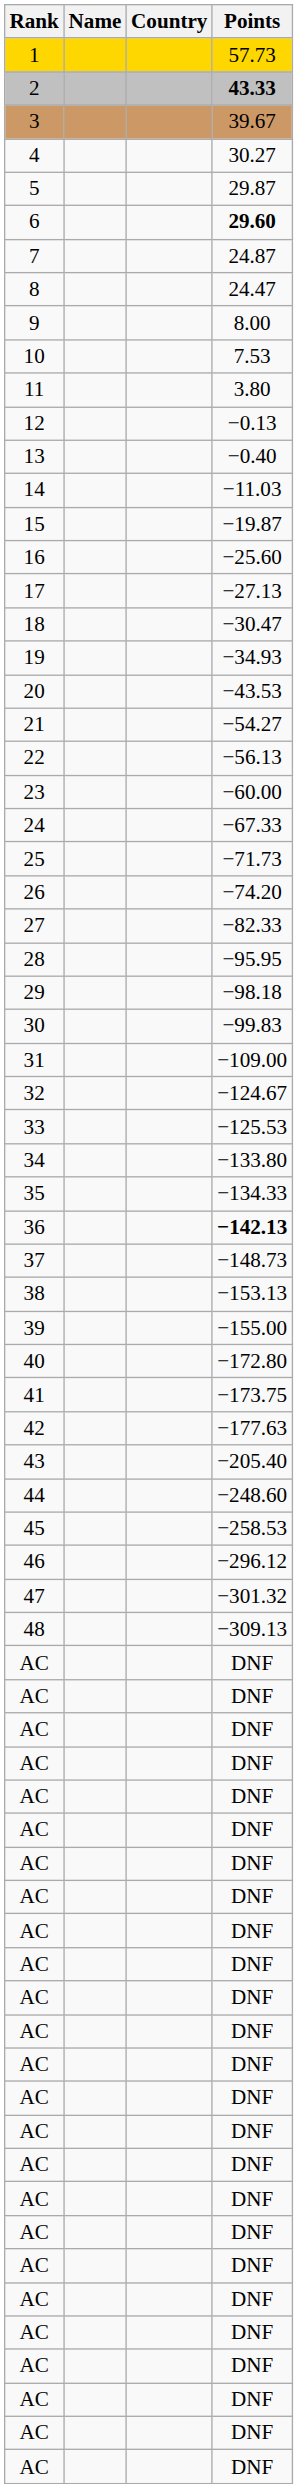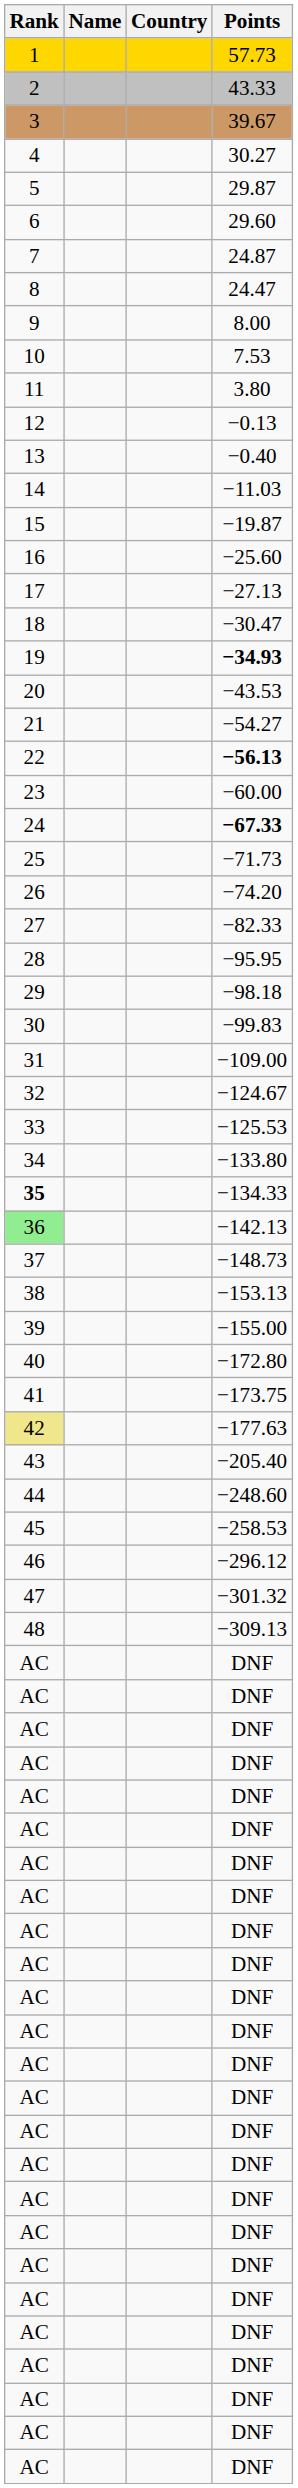 <table class="wikitable sortable" style="text-align:center">
 <tr>
 <th>Rank</th>
 <th>Name</th>
 <th>Country</th>
 <th>Points</th>
 </tr>
 <tr bgcolor=gold>
 <td>1</td>
 <td align="left"></td>
 <td align="left"></td>
 <td>57.73</td>
 </tr>
 <tr bgcolor=silver>
 <td>2</td>
 <td align="left"></td>
 <td align="left"></td>
-<td><strong>43.33</strong></td>
+<td>43.33</td>
 </tr>
 <tr bgcolor=#CC9966>
 <td>3</td>
 <td align="left"></td>
 <td align="left"></td>
 <td>39.67</td>
 </tr>
 <tr>
 <td>4</td>
 <td align="left"></td>
 <td align="left"></td>
 <td>30.27</td>
 </tr>
 <tr>
 <td>5</td>
 <td align="left"></td>
 <td align="left"></td>
 <td>29.87</td>
 </tr>
 <tr>
 <td>6</td>
 <td align="left"></td>
 <td align="left"></td>
-<td><strong>29.60</strong></td>
+<td>29.60</td>
 </tr>
 <tr>
 <td>7</td>
 <td align="left"></td>
 <td align="left"></td>
 <td>24.87</td>
 </tr>
 <tr>
 <td>8</td>
 <td align="left"></td>
 <td align="left"></td>
 <td>24.47</td>
 </tr>
 <tr>
 <td>9</td>
 <td align="left"></td>
 <td align="left"></td>
 <td>8.00</td>
 </tr>
 <tr>
 <td>10</td>
 <td align="left"></td>
 <td align="left"></td>
 <td>7.53</td>
 </tr>
 <tr>
 <td>11</td>
 <td align="left"></td>
 <td align="left"></td>
 <td>3.80</td>
 </tr>
 <tr>
 <td>12</td>
 <td align="left"></td>
 <td align="left"></td>
 <td>−0.13</td>
 </tr>
 <tr>
 <td>13</td>
 <td align="left"></td>
 <td align="left"></td>
 <td>−0.40</td>
 </tr>
 <tr>
 <td>14</td>
 <td align="left"></td>
 <td align="left"></td>
 <td>−11.03</td>
 </tr>
 <tr>
 <td>15</td>
 <td align="left"></td>
 <td align="left"></td>
 <td>−19.87</td>
 </tr>
 <tr>
 <td>16</td>
 <td align="left"></td>
 <td align="left"></td>
 <td>−25.60</td>
 </tr>
 <tr>
 <td>17</td>
 <td align="left"></td>
 <td align="left"></td>
 <td>−27.13</td>
 </tr>
 <tr>
 <td>18</td>
 <td align="left"></td>
 <td align="left"></td>
 <td>−30.47</td>
 </tr>
 <tr>
 <td>19</td>
 <td align="left"></td>
 <td align="left"></td>
-<td>−34.93</td>
+<td><strong>−34.93</strong></td>
 </tr>
 <tr>
 <td>20</td>
 <td align="left"></td>
 <td align="left"></td>
 <td>−43.53</td>
 </tr>
 <tr>
 <td>21</td>
 <td align="left"></td>
 <td align="left"></td>
 <td>−54.27</td>
 </tr>
 <tr>
 <td>22</td>
 <td align="left"></td>
 <td align="left"></td>
-<td>−56.13</td>
+<td><strong>−56.13</strong></td>
 </tr>
 <tr>
 <td>23</td>
 <td align="left"></td>
 <td align="left"></td>
 <td>−60.00</td>
 </tr>
 <tr>
 <td>24</td>
 <td align="left"></td>
 <td align="left"></td>
-<td>−67.33</td>
+<td><strong>−67.33</strong></td>
 </tr>
 <tr>
 <td>25</td>
 <td align="left"></td>
 <td align="left"></td>
 <td>−71.73</td>
 </tr>
 <tr>
 <td>26</td>
 <td align="left"></td>
 <td align="left"></td>
 <td>−74.20</td>
 </tr>
 <tr>
 <td>27</td>
 <td align="left"></td>
 <td align="left"></td>
 <td>−82.33</td>
 </tr>
 <tr>
 <td>28</td>
 <td align="left"></td>
 <td align="left"></td>
 <td>−95.95</td>
 </tr>
 <tr>
 <td>29</td>
 <td align="left"></td>
 <td align="left"></td>
 <td>−98.18</td>
 </tr>
 <tr>
 <td>30</td>
 <td align="left"></td>
 <td align="left"></td>
 <td>−99.83</td>
 </tr>
 <tr>
 <td>31</td>
 <td align="left"></td>
 <td align="left"></td>
 <td>−109.00</td>
 </tr>
 <tr>
 <td>32</td>
 <td align="left"></td>
 <td align="left"></td>
 <td>−124.67</td>
 </tr>
 <tr>
 <td>33</td>
 <td align="left"></td>
 <td align="left"></td>
 <td>−125.53</td>
 </tr>
 <tr>
 <td>34</td>
 <td align="left"></td>
 <td align="left"></td>
 <td>−133.80</td>
 </tr>
 <tr>
-<td>35</td>
+<td><strong>35</strong></td>
 <td align="left"></td>
 <td align="left"></td>
 <td>−134.33</td>
 </tr>
 <tr>
-<td>36</td>
+<td style="background: lightgreen;">36</td>
 <td align="left"></td>
 <td align="left"></td>
-<td><strong>−142.13</strong></td>
+<td>−142.13</td>
 </tr>
 <tr>
 <td>37</td>
 <td align="left"></td>
 <td align="left"></td>
 <td>−148.73</td>
 </tr>
 <tr>
 <td>38</td>
 <td align="left"></td>
 <td align="left"></td>
 <td>−153.13</td>
 </tr>
 <tr>
 <td>39</td>
 <td align="left"></td>
 <td align="left"></td>
 <td>−155.00</td>
 </tr>
 <tr>
 <td>40</td>
 <td align="left"></td>
 <td align="left"></td>
 <td>−172.80</td>
 </tr>
 <tr>
 <td>41</td>
 <td align="left"></td>
 <td align="left"></td>
 <td>−173.75</td>
 </tr>
 <tr>
-<td>42</td>
+<td style="background: khaki;">42</td>
 <td align="left"></td>
 <td align="left"></td>
 <td>−177.63</td>
 </tr>
 <tr>
 <td>43</td>
 <td align="left"></td>
 <td align="left"></td>
 <td>−205.40</td>
 </tr>
 <tr>
 <td>44</td>
 <td align="left"></td>
 <td align="left"></td>
 <td>−248.60</td>
 </tr>
 <tr>
 <td>45</td>
 <td align="left"></td>
 <td align="left"></td>
 <td>−258.53</td>
 </tr>
 <tr>
 <td>46</td>
 <td align="left"></td>
 <td align="left"></td>
 <td>−296.12</td>
 </tr>
 <tr>
 <td>47</td>
 <td align="left"></td>
 <td align="left"></td>
 <td>−301.32</td>
 </tr>
 <tr>
 <td>48</td>
 <td align="left"></td>
 <td align="left"></td>
 <td>−309.13</td>
 </tr>
 <tr>
 <td>AC</td>
 <td align="left"></td>
 <td align="left"></td>
 <td>DNF</td>
 </tr>
 <tr>
 <td>AC</td>
 <td align="left"></td>
 <td align="left"></td>
 <td>DNF</td>
 </tr>
 <tr>
 <td>AC</td>
 <td align="left"></td>
 <td align="left"></td>
 <td>DNF</td>
 </tr>
 <tr>
 <td>AC</td>
 <td align="left"></td>
 <td align="left"></td>
 <td>DNF</td>
 </tr>
 <tr>
 <td>AC</td>
 <td align="left"></td>
 <td align="left"></td>
 <td>DNF</td>
 </tr>
 <tr>
 <td>AC</td>
 <td align="left"></td>
 <td align="left"></td>
 <td>DNF</td>
 </tr>
 <tr>
 <td>AC</td>
 <td align="left"></td>
 <td align="left"></td>
 <td>DNF</td>
 </tr>
 <tr>
 <td>AC</td>
 <td align="left"></td>
 <td align="left"></td>
 <td>DNF</td>
 </tr>
 <tr>
 <td>AC</td>
 <td align="left"></td>
 <td align="left"></td>
 <td>DNF</td>
 </tr>
 <tr>
 <td>AC</td>
 <td align="left"></td>
 <td align="left"></td>
 <td>DNF</td>
 </tr>
 <tr>
 <td>AC</td>
 <td align="left"></td>
 <td align="left"></td>
 <td>DNF</td>
 </tr>
 <tr>
 <td>AC</td>
 <td align="left"></td>
 <td align="left"></td>
 <td>DNF</td>
 </tr>
 <tr>
 <td>AC</td>
 <td align="left"></td>
 <td align="left"></td>
 <td>DNF</td>
 </tr>
 <tr>
 <td>AC</td>
 <td align="left"></td>
 <td align="left"></td>
 <td>DNF</td>
 </tr>
 <tr>
 <td>AC</td>
 <td align="left"></td>
 <td align="left"></td>
 <td>DNF</td>
 </tr>
 <tr>
 <td>AC</td>
 <td align="left"></td>
 <td align="left"></td>
 <td>DNF</td>
 </tr>
 <tr>
 <td>AC</td>
 <td align="left"></td>
 <td align="left"></td>
 <td>DNF</td>
 </tr>
 <tr>
 <td>AC</td>
 <td align="left"></td>
 <td align="left"></td>
 <td>DNF</td>
 </tr>
 <tr>
 <td>AC</td>
 <td align="left"></td>
 <td align="left"></td>
 <td>DNF</td>
 </tr>
 <tr>
 <td>AC</td>
 <td align="left"></td>
 <td align="left"></td>
 <td>DNF</td>
 </tr>
 <tr>
 <td>AC</td>
 <td align="left"></td>
 <td align="left"></td>
 <td>DNF</td>
 </tr>
 <tr>
 <td>AC</td>
 <td align="left"></td>
 <td align="left"></td>
 <td>DNF</td>
 </tr>
 <tr>
 <td>AC</td>
 <td align="left"></td>
 <td align="left"></td>
 <td>DNF</td>
 </tr>
 <tr>
 <td>AC</td>
 <td align="left"></td>
 <td align="left"></td>
 <td>DNF</td>
 </tr>
 <tr>
 <td>AC</td>
 <td align="left"></td>
 <td align="left"></td>
 <td>DNF</td>
 </tr>
 </table>
